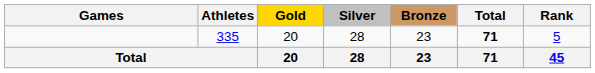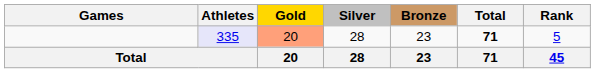 <table class="wikitable" style="text-align:center; font-size:90%;">
 <tr>
 <th style="width:14em;">Games</th>
 <th>Athletes</th>
 <td style="background:gold; width:4.5em; font-weight:bold;">Gold</td>
 <td style="background:silver; width:4.5em; font-weight:bold;">Silver</td>
 <td style="background:#cc9966; width:4.5em; font-weight:bold;">Bronze</td>
 <th style="width:4.5em; font-weight:bold;">Total</th>
 <th style="width:4.5em; font-weight:bold;">Rank</th>
 </tr>
 <tr>
 <td align=left></td>
-<td><a href='#'>335</a></td>
-<td>20</td>
+<td style="background: lavender;"><a href='#'>335</a></td>
+<td style="background: lightsalmon;">20</td>
 <td>28</td>
 <td>23</td>
 <td><strong>71</strong></td>
 <td><a href='#'>5</a></td>
 </tr>
 <tr>
 <th colspan=2>Total</th>
 <th>20</th>
 <th>28</th>
 <th>23</th>
 <th>71</th>
 <th><a href='#'>45</a></th>
 </tr>
 </table>
